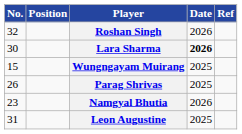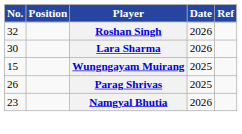 <table class="wikitable sortable" style="text-align:center; text-align:left">
 <tr>
 <th style="background:#2545A0; color:#FFFFFF; ">No.</th>
 <th scope="col" style="background:#2545A0; color:#FFFFFF; ">Position</th>
 <th scope="col" style="background:#2545A0; color:#FFFFFF; ">Player</th>
 <th scope="col" style="background:#2545A0; color:#FFFFFF; ">Date</th>
 <th scope="col" style="background:#2545A0; color:#FFFFFF; ">Ref</th>
 </tr>
 <tr>
 <td>32</td>
 <td></td>
 <th scope="row"> <a href='#'>Roshan Singh</a></th>
 <td>2026</td>
 <td></td>
 </tr>
 <tr>
 <td>30</td>
 <td></td>
 <th scope="row"> <a href='#'>Lara Sharma</a></th>
-<td><strong>2026</strong></td>
+<td>2026</td>
 <td></td>
 </tr>
 <tr>
 <td>15</td>
 <td></td>
 <th scope="row"> <a href='#'>Wungngayam Muirang</a></th>
 <td>2025</td>
 <td></td>
 </tr>
 <tr>
 <td>26</td>
 <td></td>
 <th scope="row"> <a href='#'>Parag Shrivas</a></th>
 <td>2025</td>
 <td></td>
 </tr>
 <tr>
 <td>23</td>
 <td></td>
 <th scope="row"> <a href='#'>Namgyal Bhutia</a></th>
 <td>2026</td>
 <td></td>
 </tr>
-<tr>
-<td>31</td>
-<td></td>
-<th scope="row"> <a href='#'>Leon Augustine</a></th>
-<td>2025</td>
-<td></td>
-</tr>
 </table>
